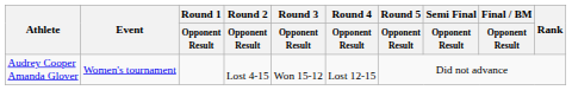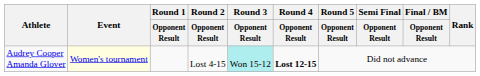 <table class="wikitable" style="font-size:90%">
 <tr>
 <th rowspan=2>Athlete</th>
 <th rowspan=2>Event</th>
 <th>Round 1</th>
 <th>Round 2</th>
 <th>Round 3</th>
 <th>Round 4</th>
 <th>Round 5</th>
 <th>Semi Final</th>
 <th>Final / BM</th>
 <th rowspan=2>Rank</th>
 </tr>
 <tr>
 <th><small>Opponent<br>Result</small></th>
 <th><small>Opponent<br>Result</small></th>
 <th><small>Opponent<br>Result</small></th>
 <th><small>Opponent<br>Result</small></th>
 <th><small>Opponent<br>Result</small></th>
 <th><small>Opponent<br>Result</small></th>
 <th><small>Opponent<br>Result</small></th>
 </tr>
 <tr style="text-align:center">
 <td style="text-align:left"><a href='#'>Audrey Cooper</a><br><a href='#'>Amanda Glover</a></td>
-<td style="text-align:left"><a href='#'>Women's tournament</a></td>
+<td style="background: lightyellow; text-align:left"><a href='#'>Women's tournament</a></td>
 <td></td>
 <td><br>Lost 4-15</td>
-<td><br>Won 15-12</td>
-<td><br>Lost 12-15</td>
+<td style="background: paleturquoise;"><br>Won 15-12</td>
+<td><strong><br>Lost 12-15</strong></td>
 <td colspan=4>Did not advance</td>
 </tr>
 </table>
